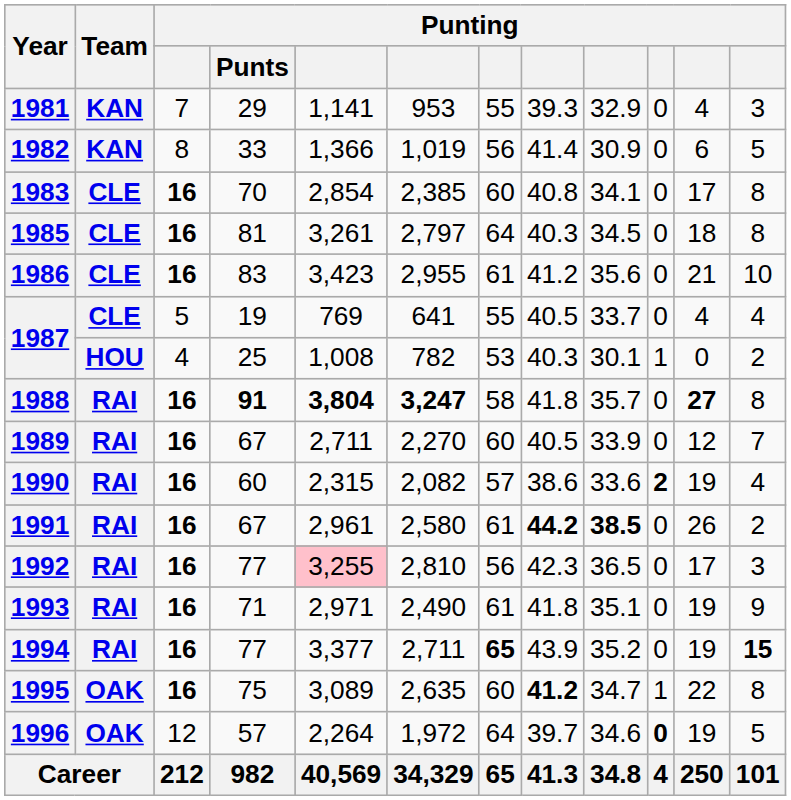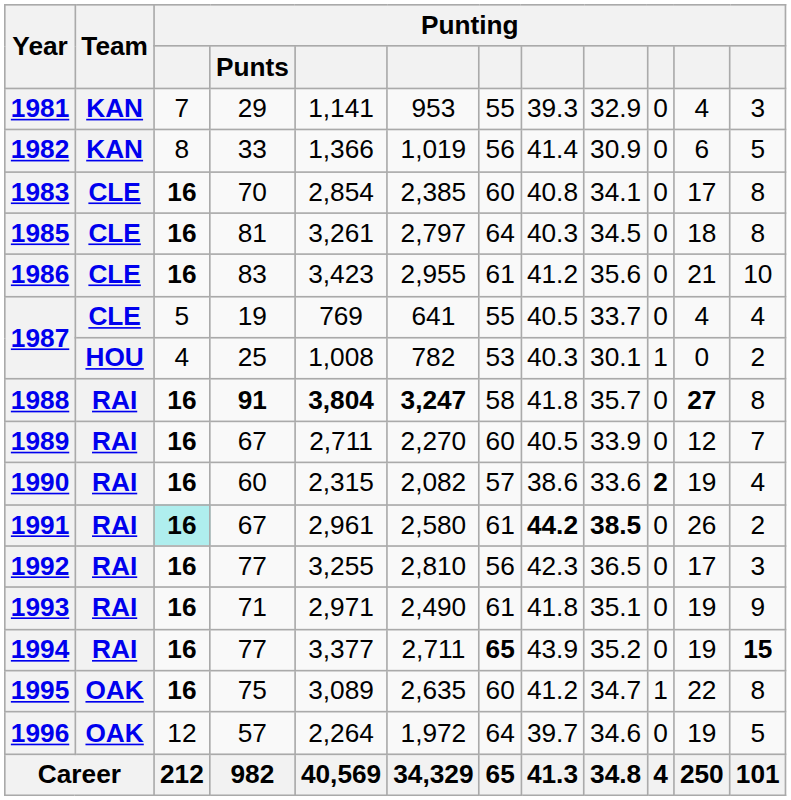 <table class=wikitable style="text-align:center;">
 <tr>
 <th rowspan="2">Year</th>
 <th rowspan="2">Team</th>
 <th colspan="10">Punting</th>
 </tr>
 <tr>
 <th></th>
 <th>Punts</th>
 <th></th>
 <th></th>
 <th></th>
 <th></th>
 <th></th>
 <th></th>
 <th></th>
 <th></th>
 </tr>
 <tr>
 <th><a href='#'>1981</a></th>
 <th><a href='#'>KAN</a></th>
 <td>7</td>
 <td>29</td>
 <td>1,141</td>
 <td>953</td>
 <td>55</td>
 <td>39.3</td>
 <td>32.9</td>
 <td>0</td>
 <td>4</td>
 <td>3</td>
 </tr>
 <tr>
 <th><a href='#'>1982</a></th>
 <th><a href='#'>KAN</a></th>
 <td>8</td>
 <td>33</td>
 <td>1,366</td>
 <td>1,019</td>
 <td>56</td>
 <td>41.4</td>
 <td>30.9</td>
 <td>0</td>
 <td>6</td>
 <td>5</td>
 </tr>
 <tr>
 <th><a href='#'>1983</a></th>
 <th><a href='#'>CLE</a></th>
 <td><strong>16</strong></td>
 <td>70</td>
 <td>2,854</td>
 <td>2,385</td>
 <td>60</td>
 <td>40.8</td>
 <td>34.1</td>
 <td>0</td>
 <td>17</td>
 <td>8</td>
 </tr>
 <tr>
 <th><a href='#'>1985</a></th>
 <th><a href='#'>CLE</a></th>
 <td><strong>16</strong></td>
 <td>81</td>
 <td>3,261</td>
 <td>2,797</td>
 <td>64</td>
 <td>40.3</td>
 <td>34.5</td>
 <td>0</td>
 <td>18</td>
 <td>8</td>
 </tr>
 <tr>
 <th><a href='#'>1986</a></th>
 <th><a href='#'>CLE</a></th>
 <td><strong>16</strong></td>
 <td>83</td>
 <td>3,423</td>
 <td>2,955</td>
 <td>61</td>
 <td>41.2</td>
 <td>35.6</td>
 <td>0</td>
 <td>21</td>
 <td>10</td>
 </tr>
 <tr>
 <th rowspan="2"><a href='#'>1987</a></th>
 <th><a href='#'>CLE</a></th>
 <td>5</td>
 <td>19</td>
 <td>769</td>
 <td>641</td>
 <td>55</td>
 <td>40.5</td>
 <td>33.7</td>
 <td>0</td>
 <td>4</td>
 <td>4</td>
 </tr>
 <tr>
 <th><a href='#'>HOU</a></th>
 <td>4</td>
 <td>25</td>
 <td>1,008</td>
 <td>782</td>
 <td>53</td>
 <td>40.3</td>
 <td>30.1</td>
 <td>1</td>
 <td>0</td>
 <td>2</td>
 </tr>
 <tr>
 <th><a href='#'>1988</a></th>
 <th><a href='#'>RAI</a></th>
 <td><strong>16</strong></td>
 <td><strong>91</strong></td>
 <td><strong>3,804</strong></td>
 <td><strong>3,247</strong></td>
 <td>58</td>
 <td>41.8</td>
 <td>35.7</td>
 <td>0</td>
 <td><strong>27</strong></td>
 <td>8</td>
 </tr>
 <tr>
 <th><a href='#'>1989</a></th>
 <th><a href='#'>RAI</a></th>
 <td><strong>16</strong></td>
 <td>67</td>
 <td>2,711</td>
 <td>2,270</td>
 <td>60</td>
 <td>40.5</td>
 <td>33.9</td>
 <td>0</td>
 <td>12</td>
 <td>7</td>
 </tr>
 <tr>
 <th><a href='#'>1990</a></th>
 <th><a href='#'>RAI</a></th>
 <td><strong>16</strong></td>
 <td>60</td>
 <td>2,315</td>
 <td>2,082</td>
 <td>57</td>
 <td>38.6</td>
 <td>33.6</td>
 <td><strong>2</strong></td>
 <td>19</td>
 <td>4</td>
 </tr>
 <tr>
 <th><a href='#'>1991</a></th>
 <th><a href='#'>RAI</a></th>
-<td><strong>16</strong></td>
+<td style="background: paleturquoise;"><strong>16</strong></td>
 <td>67</td>
 <td>2,961</td>
 <td>2,580</td>
 <td>61</td>
 <td><strong>44.2</strong></td>
 <td><strong>38.5</strong></td>
 <td>0</td>
 <td>26</td>
 <td>2</td>
 </tr>
 <tr>
 <th><a href='#'>1992</a></th>
 <th><a href='#'>RAI</a></th>
 <td><strong>16</strong></td>
 <td>77</td>
-<td style="background: pink;">3,255</td>
+<td>3,255</td>
 <td>2,810</td>
 <td>56</td>
 <td>42.3</td>
 <td>36.5</td>
 <td>0</td>
 <td>17</td>
 <td>3</td>
 </tr>
 <tr>
 <th><a href='#'>1993</a></th>
 <th><a href='#'>RAI</a></th>
 <td><strong>16</strong></td>
 <td>71</td>
 <td>2,971</td>
 <td>2,490</td>
 <td>61</td>
 <td>41.8</td>
 <td>35.1</td>
 <td>0</td>
 <td>19</td>
 <td>9</td>
 </tr>
 <tr>
 <th><a href='#'>1994</a></th>
 <th><a href='#'>RAI</a></th>
 <td><strong>16</strong></td>
 <td>77</td>
 <td>3,377</td>
 <td>2,711</td>
 <td><strong>65</strong></td>
 <td>43.9</td>
 <td>35.2</td>
 <td>0</td>
 <td>19</td>
 <td><strong>15</strong></td>
 </tr>
 <tr>
 <th><a href='#'>1995</a></th>
 <th><a href='#'>OAK</a></th>
 <td><strong>16</strong></td>
 <td>75</td>
 <td>3,089</td>
 <td>2,635</td>
 <td>60</td>
-<td><strong>41.2</strong></td>
+<td>41.2</td>
 <td>34.7</td>
 <td>1</td>
 <td>22</td>
 <td>8</td>
 </tr>
 <tr>
 <th><a href='#'>1996</a></th>
 <th><a href='#'>OAK</a></th>
 <td>12</td>
 <td>57</td>
 <td>2,264</td>
 <td>1,972</td>
 <td>64</td>
 <td>39.7</td>
 <td>34.6</td>
-<td><strong>0</strong></td>
+<td>0</td>
 <td>19</td>
 <td>5</td>
 </tr>
 <tr>
 <th colspan="2">Career</th>
 <th>212</th>
 <th>982</th>
 <th>40,569</th>
 <th>34,329</th>
 <th>65</th>
 <th>41.3</th>
 <th>34.8</th>
 <th>4</th>
 <th>250</th>
 <th>101</th>
 </tr>
 </table>
